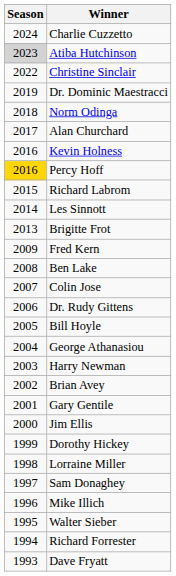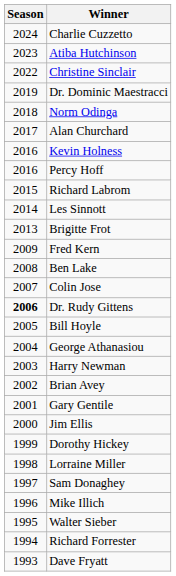 <table class="sortable wikitable">
 <tr>
 <th>Season</th>
 <th>Winner</th>
 </tr>
 <tr>
 <td align="center">2024</td>
 <td> Charlie Cuzzetto</td>
 </tr>
 <tr>
-<td align=center style="background: lightgrey;">2023</td>
+<td align=center>2023</td>
 <td> <a href='#'>Atiba Hutchinson</a></td>
 </tr>
 <tr>
 <td align=center>2022</td>
 <td> <a href='#'>Christine Sinclair</a></td>
 </tr>
 <tr>
 <td align=center>2019</td>
 <td> Dr. Dominic Maestracci</td>
 </tr>
 <tr>
 <td align=center>2018</td>
 <td> <a href='#'>Norm Odinga</a></td>
 </tr>
 <tr>
 <td align=center>2017</td>
 <td> Alan Churchard</td>
 </tr>
 <tr>
 <td align=center>2016</td>
 <td> <a href='#'>Kevin Holness</a></td>
 </tr>
 <tr>
-<td align=center style="background: gold;">2016</td>
+<td align=center>2016</td>
 <td> Percy Hoff</td>
 </tr>
 <tr>
 <td align=center>2015</td>
 <td> Richard Labrom</td>
 </tr>
 <tr>
 <td align=center>2014</td>
 <td> Les Sinnott</td>
 </tr>
 <tr>
 <td align=center>2013</td>
 <td> Brigitte Frot</td>
 </tr>
 <tr>
 <td align=center>2009</td>
 <td> Fred Kern</td>
 </tr>
 <tr>
 <td align=center>2008</td>
 <td> Ben Lake</td>
 </tr>
 <tr>
 <td align=center>2007</td>
 <td> Colin Jose</td>
 </tr>
 <tr>
-<td align=center>2006</td>
+<td align=center><strong>2006</strong></td>
 <td> Dr. Rudy Gittens</td>
 </tr>
 <tr>
 <td align=center>2005</td>
 <td> Bill Hoyle</td>
 </tr>
 <tr>
 <td align=center>2004</td>
 <td> George Athanasiou</td>
 </tr>
 <tr>
 <td align=center>2003</td>
 <td> Harry Newman</td>
 </tr>
 <tr>
 <td align=center>2002</td>
 <td> Brian Avey</td>
 </tr>
 <tr>
 <td align=center>2001</td>
 <td> Gary Gentile</td>
 </tr>
 <tr>
 <td align=center>2000</td>
 <td> Jim Ellis</td>
 </tr>
 <tr>
 <td align=center>1999</td>
 <td> Dorothy Hickey</td>
 </tr>
 <tr>
 <td align=center>1998</td>
 <td> Lorraine Miller</td>
 </tr>
 <tr>
 <td align=center>1997</td>
 <td> Sam Donaghey</td>
 </tr>
 <tr>
 <td align=center>1996</td>
 <td> Mike Illich</td>
 </tr>
 <tr>
 <td align=center>1995</td>
 <td> Walter Sieber</td>
 </tr>
 <tr>
 <td align=center>1994</td>
 <td> Richard Forrester</td>
 </tr>
 <tr>
 <td align=center>1993</td>
 <td> Dave Fryatt</td>
 </tr>
 </table>
